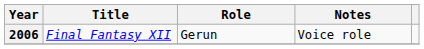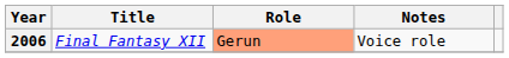 <table class="wikitable plainrowheaders sortable" style="margin-right: 0; width:50%">
 <tr>
 <th style="width:2%">Year</th>
 <th style="width:23%">Title</th>
 <th style="width:20%">Role</th>
 <th style="width:20%">Notes</th>
 <th style="width:1%" class="unsortable"></th>
 </tr>
 <tr>
 <th scope="row">2006</th>
 <td><em><a href='#'>Final Fantasy XII</a></em></td>
-<td>Gerun</td>
+<td style="background: lightsalmon;">Gerun</td>
 <td>Voice role</td>
 <td style="text-align:center;"></td>
 </tr>
 <tr>
 </tr>
 </table>
